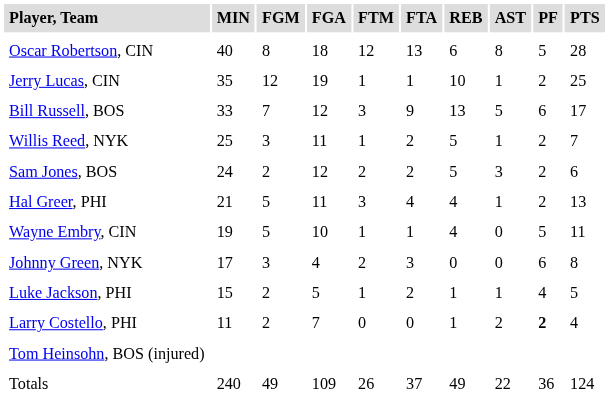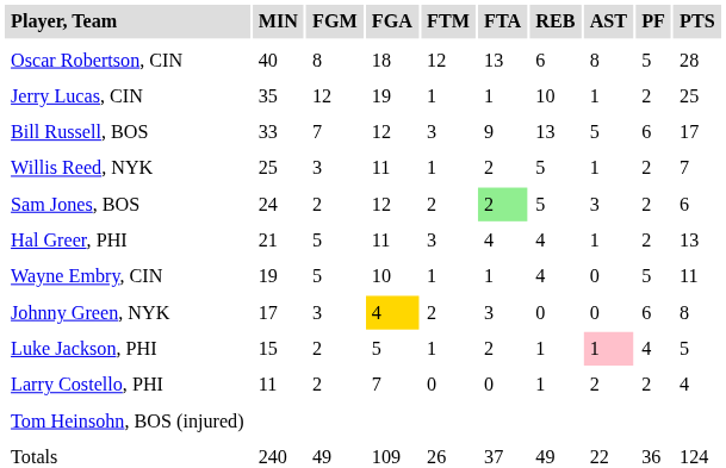 <table cellpadding=5>
 <tr bgcolor="#dddddd">
 <td><strong>Player, Team</strong></td>
 <td><strong>MIN</strong></td>
 <td><strong>FGM</strong></td>
 <td><strong>FGA</strong></td>
 <td><strong>FTM</strong></td>
 <td><strong>FTA</strong></td>
 <td><strong>REB</strong></td>
 <td><strong>AST</strong></td>
 <td><strong>PF</strong></td>
 <td><strong>PTS</strong></td>
 </tr>
 <tr bgcolor="#eeeeee">
 </tr>
 <tr>
 <td><a href='#'>Oscar Robertson</a>, CIN</td>
 <td>40</td>
 <td>8</td>
 <td>18</td>
 <td>12</td>
 <td>13</td>
 <td>6</td>
 <td>8</td>
 <td>5</td>
 <td>28</td>
 </tr>
 <tr>
 <td><a href='#'>Jerry Lucas</a>, CIN</td>
 <td>35</td>
 <td>12</td>
 <td>19</td>
 <td>1</td>
 <td>1</td>
 <td>10</td>
 <td>1</td>
 <td>2</td>
 <td>25</td>
 </tr>
 <tr>
 <td><a href='#'>Bill Russell</a>, BOS</td>
 <td>33</td>
 <td>7</td>
 <td>12</td>
 <td>3</td>
 <td>9</td>
 <td>13</td>
 <td>5</td>
 <td>6</td>
 <td>17</td>
 </tr>
 <tr>
 <td><a href='#'>Willis Reed</a>, NYK</td>
 <td>25</td>
 <td>3</td>
 <td>11</td>
 <td>1</td>
 <td>2</td>
 <td>5</td>
 <td>1</td>
 <td>2</td>
 <td>7</td>
 </tr>
 <tr>
 <td><a href='#'>Sam Jones</a>, BOS</td>
 <td>24</td>
 <td>2</td>
 <td>12</td>
 <td>2</td>
-<td>2</td>
+<td style="background: lightgreen;">2</td>
 <td>5</td>
 <td>3</td>
 <td>2</td>
 <td>6</td>
 </tr>
 <tr>
 <td><a href='#'>Hal Greer</a>, PHI</td>
 <td>21</td>
 <td>5</td>
 <td>11</td>
 <td>3</td>
 <td>4</td>
 <td>4</td>
 <td>1</td>
 <td>2</td>
 <td>13</td>
 </tr>
 <tr>
 <td><a href='#'>Wayne Embry</a>, CIN</td>
 <td>19</td>
 <td>5</td>
 <td>10</td>
 <td>1</td>
 <td>1</td>
 <td>4</td>
 <td>0</td>
 <td>5</td>
 <td>11</td>
 </tr>
 <tr>
 <td><a href='#'>Johnny Green</a>, NYK</td>
 <td>17</td>
 <td>3</td>
-<td>4</td>
+<td style="background: gold;">4</td>
 <td>2</td>
 <td>3</td>
 <td>0</td>
 <td>0</td>
 <td>6</td>
 <td>8</td>
 </tr>
 <tr>
 <td><a href='#'>Luke Jackson</a>, PHI</td>
 <td>15</td>
 <td>2</td>
 <td>5</td>
 <td>1</td>
 <td>2</td>
 <td>1</td>
-<td>1</td>
+<td style="background: pink;">1</td>
 <td>4</td>
 <td>5</td>
 </tr>
 <tr>
 <td><a href='#'>Larry Costello</a>, PHI</td>
 <td>11</td>
 <td>2</td>
 <td>7</td>
 <td>0</td>
 <td>0</td>
 <td>1</td>
 <td>2</td>
-<td><strong>2</strong></td>
+<td>2</td>
 <td>4</td>
 </tr>
 <tr>
 <td><a href='#'>Tom Heinsohn</a>, BOS (injured)</td>
 </tr>
 <tr>
 <td>Totals</td>
 <td>240</td>
 <td>49</td>
 <td>109</td>
 <td>26</td>
 <td>37</td>
 <td>49</td>
 <td>22</td>
 <td>36</td>
 <td>124</td>
 </tr>
 <tr>
 </tr>
 </table>
